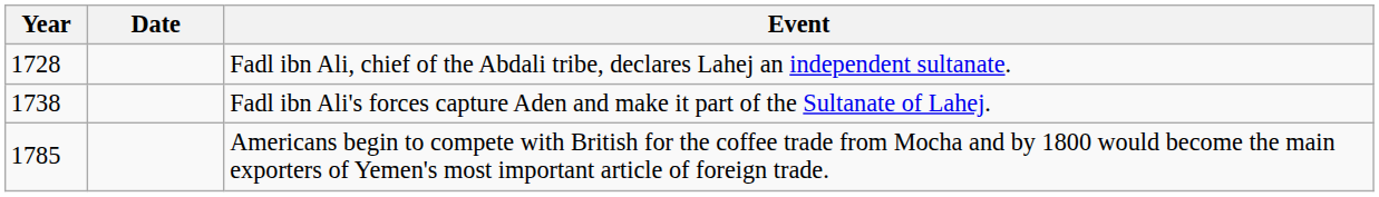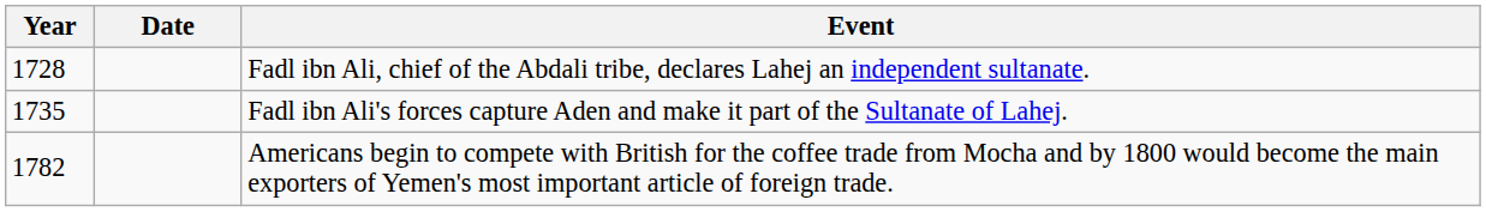 <table class="wikitable" width="100%">
 <tr>
 <th style="width:6%">Year</th>
 <th style="width:10%">Date</th>
 <th>Event</th>
 </tr>
 <tr>
 <td>1728</td>
 <td></td>
 <td>Fadl ibn Ali, chief of the Abdali tribe, declares Lahej an <a href='#'>independent sultanate</a>.</td>
 </tr>
 <tr>
-<td>1738</td>
+<td>1735</td>
 <td></td>
 <td>Fadl ibn Ali's forces capture Aden and make it part of the <a href='#'>Sultanate of Lahej</a>.</td>
 </tr>
 <tr>
-<td>1785</td>
+<td>1782</td>
 <td></td>
 <td>Americans begin to compete with British for the coffee trade from Mocha and by 1800 would become the main exporters of Yemen's most important article of foreign trade.</td>
 </tr>
 </table>
